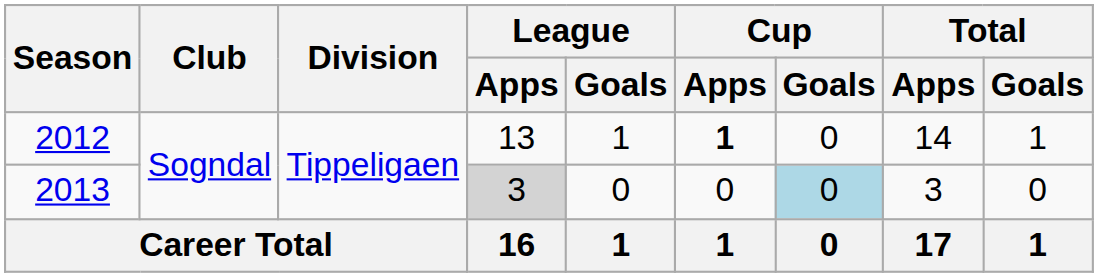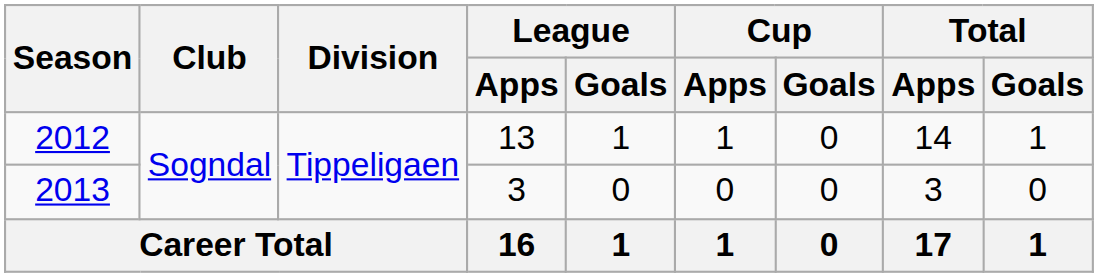 <table class="wikitable" style="text-align: center;">
 <tr>
 <th rowspan="2">Season</th>
 <th rowspan="2">Club</th>
 <th rowspan="2">Division</th>
 <th colspan="2">League</th>
 <th colspan="2">Cup</th>
 <th colspan="2">Total</th>
 </tr>
 <tr>
 <th>Apps</th>
 <th>Goals</th>
 <th>Apps</th>
 <th>Goals</th>
 <th>Apps</th>
 <th>Goals</th>
 </tr>
 <tr>
 <td><a href='#'>2012</a></td>
 <td rowspan="2" valign="center"><a href='#'>Sogndal</a></td>
 <td rowspan="2" valign="center"><a href='#'>Tippeligaen</a></td>
 <td>13</td>
 <td>1</td>
-<td><strong>1</strong></td>
+<td>1</td>
 <td>0</td>
 <td>14</td>
 <td>1</td>
 </tr>
 <tr>
 <td><a href='#'>2013</a></td>
-<td style="background: lightgrey;">3</td>
+<td>3</td>
 <td>0</td>
 <td>0</td>
-<td style="background: lightblue;">0</td>
+<td>0</td>
 <td>3</td>
 <td>0</td>
 </tr>
 <tr>
 <th colspan="3">Career Total</th>
 <th>16</th>
 <th>1</th>
 <th>1</th>
 <th>0</th>
 <th>17</th>
 <th>1</th>
 </tr>
 </table>
